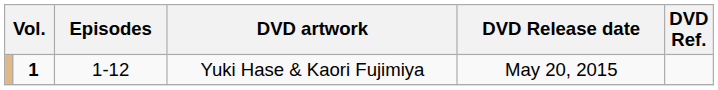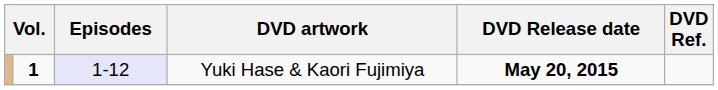 <table class="wikitable" style="text-align: center; width: 98%;">
 <tr>
 <th colspan="2">Vol.</th>
 <th>Episodes</th>
 <th>DVD artwork</th>
 <th>DVD Release date</th>
 <th width="5%">DVD Ref.</th>
 </tr>
 <tr>
 <td width="1%" style="background: BurlyWood;"></td>
 <td><strong>1</strong></td>
-<td>1-12</td>
+<td style="background: lavender;">1-12</td>
 <td>Yuki Hase & Kaori Fujimiya</td>
-<td>May 20, 2015</td>
+<td><strong>May 20, 2015</strong></td>
 <td></td>
 </tr>
 <tr>
 </tr>
 </table>
